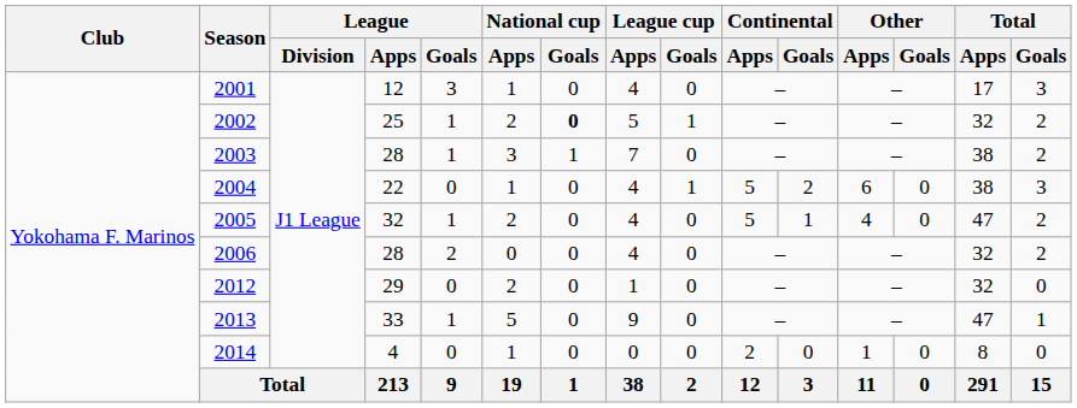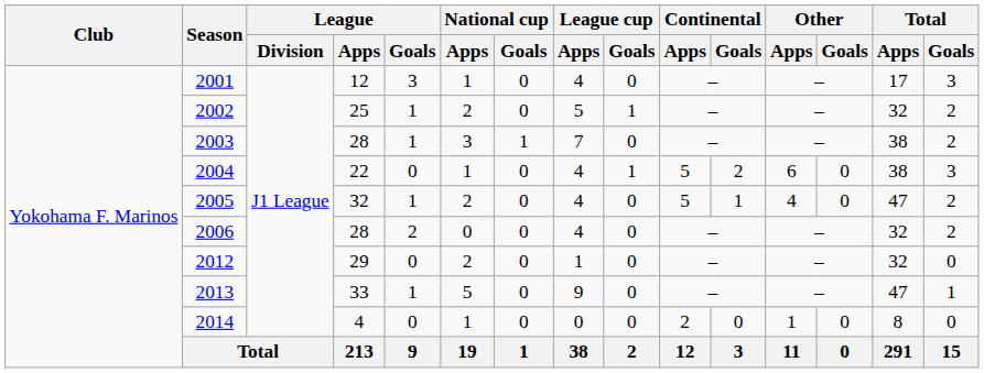 <table class="wikitable" style="text-align:center">
 <tr>
 <th rowspan="2">Club</th>
 <th rowspan="2">Season</th>
 <th colspan="3">League</th>
 <th colspan="2">National cup</th>
 <th colspan="2">League cup</th>
 <th colspan="2">Continental</th>
 <th colspan="2">Other</th>
 <th colspan="2">Total</th>
 </tr>
 <tr>
 <th>Division</th>
 <th>Apps</th>
 <th>Goals</th>
 <th>Apps</th>
 <th>Goals</th>
 <th>Apps</th>
 <th>Goals</th>
 <th>Apps</th>
 <th>Goals</th>
 <th>Apps</th>
 <th>Goals</th>
 <th>Apps</th>
 <th>Goals</th>
 </tr>
 <tr>
 <td rowspan="10"><a href='#'>Yokohama F. Marinos</a></td>
 <td><a href='#'>2001</a></td>
 <td rowspan="9"><a href='#'>J1 League</a></td>
 <td>12</td>
 <td>3</td>
 <td>1</td>
 <td>0</td>
 <td>4</td>
 <td>0</td>
 <td colspan="2">–</td>
 <td colspan="2">–</td>
 <td>17</td>
 <td>3</td>
 </tr>
 <tr>
 <td><a href='#'>2002</a></td>
 <td>25</td>
 <td>1</td>
 <td>2</td>
-<td><strong>0</strong></td>
+<td>0</td>
 <td>5</td>
 <td>1</td>
 <td colspan="2">–</td>
 <td colspan="2">–</td>
 <td>32</td>
 <td>2</td>
 </tr>
 <tr>
 <td><a href='#'>2003</a></td>
 <td>28</td>
 <td>1</td>
 <td>3</td>
 <td>1</td>
 <td>7</td>
 <td>0</td>
 <td colspan="2">–</td>
 <td colspan="2">–</td>
 <td>38</td>
 <td>2</td>
 </tr>
 <tr>
 <td><a href='#'>2004</a></td>
 <td>22</td>
 <td>0</td>
 <td>1</td>
 <td>0</td>
 <td>4</td>
 <td>1</td>
 <td>5</td>
 <td>2</td>
 <td>6</td>
 <td>0</td>
 <td>38</td>
 <td>3</td>
 </tr>
 <tr>
 <td><a href='#'>2005</a></td>
 <td>32</td>
 <td>1</td>
 <td>2</td>
 <td>0</td>
 <td>4</td>
 <td>0</td>
 <td>5</td>
 <td>1</td>
 <td>4</td>
 <td>0</td>
 <td>47</td>
 <td>2</td>
 </tr>
 <tr>
 <td><a href='#'>2006</a></td>
 <td>28</td>
 <td>2</td>
 <td>0</td>
 <td>0</td>
 <td>4</td>
 <td>0</td>
 <td colspan="2">–</td>
 <td colspan="2">–</td>
 <td>32</td>
 <td>2</td>
 </tr>
 <tr>
 <td><a href='#'>2012</a></td>
 <td>29</td>
 <td>0</td>
 <td>2</td>
 <td>0</td>
 <td>1</td>
 <td>0</td>
 <td colspan="2">–</td>
 <td colspan="2">–</td>
 <td>32</td>
 <td>0</td>
 </tr>
 <tr>
 <td><a href='#'>2013</a></td>
 <td>33</td>
 <td>1</td>
 <td>5</td>
 <td>0</td>
 <td>9</td>
 <td>0</td>
 <td colspan="2">–</td>
 <td colspan="2">–</td>
 <td>47</td>
 <td>1</td>
 </tr>
 <tr>
 <td><a href='#'>2014</a></td>
 <td>4</td>
 <td>0</td>
 <td>1</td>
 <td>0</td>
 <td>0</td>
 <td>0</td>
 <td>2</td>
 <td>0</td>
 <td>1</td>
 <td>0</td>
 <td>8</td>
 <td>0</td>
 </tr>
 <tr>
 <th colspan="2">Total</th>
 <th>213</th>
 <th>9</th>
 <th>19</th>
 <th>1</th>
 <th>38</th>
 <th>2</th>
 <th>12</th>
 <th>3</th>
 <th>11</th>
 <th>0</th>
 <th>291</th>
 <th>15</th>
 </tr>
 </table>
